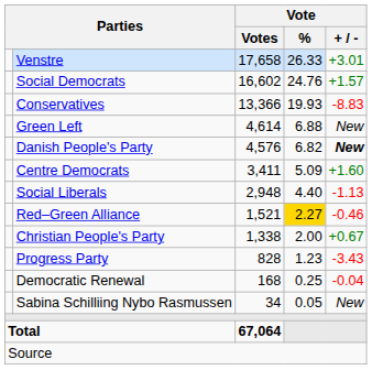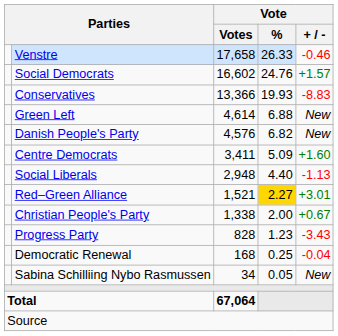 <table class="wikitable" style="text-align:right;">
 <tr>
 <th style="text-align:centre;" rowspan="2" colspan="2" width="225">Parties</th>
 <th colspan="3">Vote</th>
 </tr>
 <tr>
 <th width="15">Votes</th>
 <th width="15">%</th>
 <th width="15">+ / -</th>
 </tr>
 <tr>
 <td width="2" style="color:inherit;background:"></td>
 <td bgcolor=#cfe5fe  align="left"><a href='#'>Venstre</a></td>
 <td bgcolor=#cfe5fe>17,658</td>
 <td bgcolor=#cfe5fe>26.33</td>
-<td style=color:green;>+3.01</td>
+<td style=color:red;>-0.46</td>
 </tr>
 <tr>
 <td width="2" style="color:inherit;background:"></td>
 <td align="left"><a href='#'>Social Democrats</a></td>
 <td>16,602</td>
 <td>24.76</td>
 <td style=color:green;>+1.57</td>
 </tr>
 <tr>
 <td width="2" style="color:inherit;background:"></td>
 <td align="left"><a href='#'>Conservatives</a></td>
 <td>13,366</td>
 <td>19.93</td>
 <td style=color:red;>-8.83</td>
 </tr>
 <tr>
 <td width="2" style="color:inherit;background:"></td>
 <td align="left"><a href='#'>Green Left</a></td>
 <td>4,614</td>
 <td>6.88</td>
 <td><em>New</em></td>
 </tr>
 <tr>
 <td width="2" style="color:inherit;background:"></td>
 <td align="left"><a href='#'>Danish People's Party</a></td>
 <td>4,576</td>
 <td>6.82</td>
-<td><strong><em>New</em></strong></td>
+<td><em>New</em></td>
 </tr>
 <tr>
 <td width="2" style="color:inherit;background:"></td>
 <td align="left"><a href='#'>Centre Democrats</a></td>
 <td>3,411</td>
 <td>5.09</td>
 <td style=color:green;>+1.60</td>
 </tr>
 <tr>
 <td width="2" style="color:inherit;background:"></td>
 <td align="left"><a href='#'>Social Liberals</a></td>
 <td>2,948</td>
 <td>4.40</td>
 <td style=color:red;>-1.13</td>
 </tr>
 <tr>
 <td width="2" style="color:inherit;background:"></td>
 <td align="left"><a href='#'>Red–Green Alliance</a></td>
 <td>1,521</td>
 <td style="background: gold;">2.27</td>
-<td style=color:red;>-0.46</td>
+<td style=color:green;>+3.01</td>
 </tr>
 <tr>
 <td width="2" style="color:inherit;background:"></td>
 <td align="left"><a href='#'>Christian People's Party</a></td>
 <td>1,338</td>
 <td>2.00</td>
 <td style=color:green;>+0.67</td>
 </tr>
 <tr>
 <td width="2" style="color:inherit;background:"></td>
 <td align="left"><a href='#'>Progress Party</a></td>
 <td>828</td>
 <td>1.23</td>
 <td style=color:red;>-3.43</td>
 </tr>
 <tr>
 <td width="2" style="color:inherit;background:"></td>
 <td align="left">Democratic Renewal</td>
 <td>168</td>
 <td>0.25</td>
 <td style=color:red;>-0.04</td>
 </tr>
 <tr>
 <td width="2" style="color:inherit;background:"></td>
 <td align="left">Sabina Schilliing Nybo Rasmussen</td>
 <td>34</td>
 <td>0.05</td>
 <td><em>New</em></td>
 </tr>
 <tr>
 <td colspan="7" bgcolor="#E9E9E9"></td>
 </tr>
 <tr>
 <td align="left" colspan="2"><strong>Total</strong></td>
 <td><strong>67,064</strong></td>
 <td bgcolor="#E9E9E9" colspan="2"></td>
 </tr>
 <tr>
 <td align="left" colspan="6">Source</td>
 </tr>
 </table>
